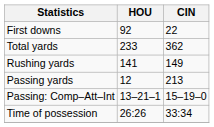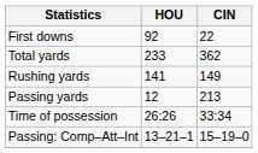 <table class="wikitable" style="float: left;">
 <tr>
 <th>Statistics</th>
 <th>HOU</th>
 <th>CIN</th>
 </tr>
 <tr>
 <td>First downs</td>
 <td>92</td>
 <td>22</td>
 </tr>
 <tr>
 <td>Total yards</td>
 <td>233</td>
 <td>362</td>
 </tr>
 <tr>
 <td>Rushing yards</td>
 <td>141</td>
 <td>149</td>
 </tr>
 <tr>
 <td>Passing yards</td>
 <td>12</td>
 <td>213</td>
 </tr>
 <tr>
+<td>Time of possession</td>
+<td>26:26</td>
+<td>33:34</td>
+</tr>
+<tr>
 <td>Passing: Comp–Att–Int</td>
 <td>13–21–1</td>
 <td>15–19–0</td>
 </tr>
 <tr>
-<td>Time of possession</td>
-<td>26:26</td>
-<td>33:34</td>
-</tr>
-<tr>
 </tr>
 </table>
